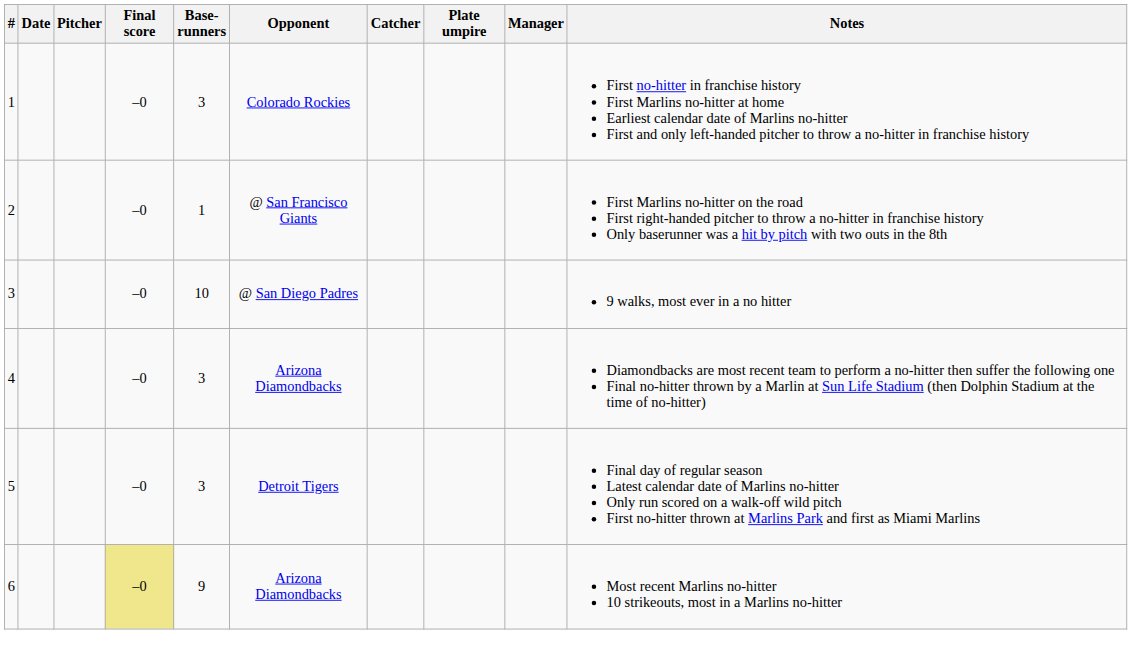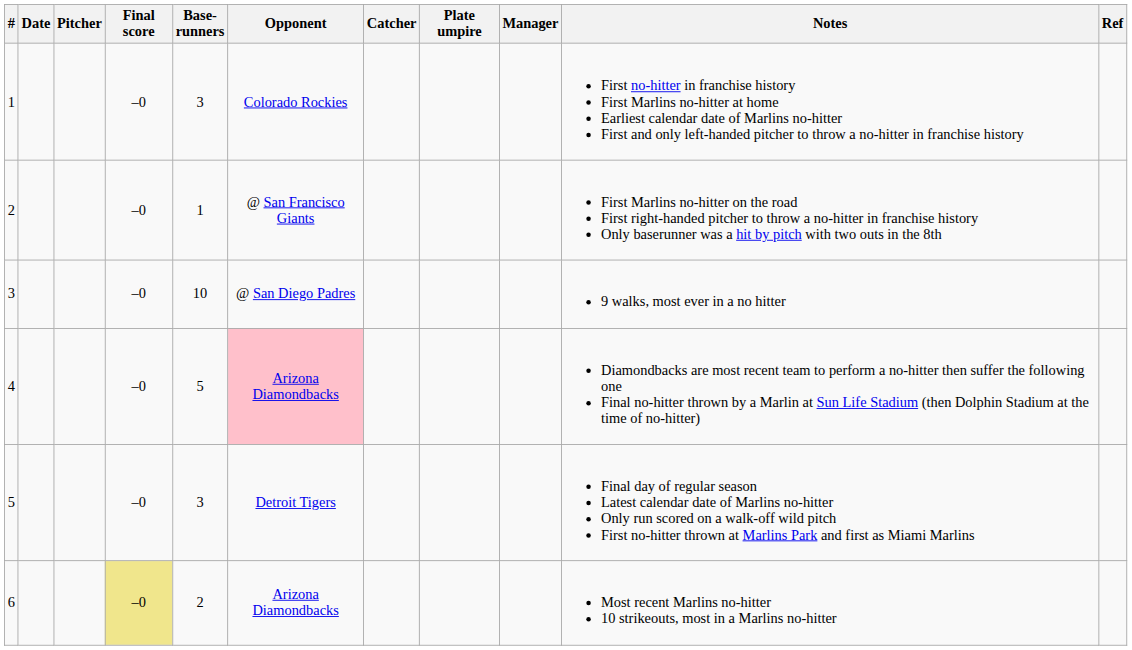 <table class="wikitable sortable" style="text-align:center" border="1">
 <tr>
 <th>#</th>
 <th>Date</th>
 <th>Pitcher</th>
 <th>Final score</th>
 <th>Base-<br>runners</th>
 <th>Opponent</th>
 <th>Catcher</th>
 <th>Plate umpire</th>
 <th>Manager</th>
 <th class="unsortable">Notes</th>
+<th class="unsortable">Ref</th>
 </tr>
 <tr>
 <td>1</td>
 <td></td>
 <td></td>
 <td>–0</td>
 <td>3</td>
 <td><a href='#'>Colorado Rockies</a></td>
 <td> </td>
 <td></td>
 <td></td>
 <td align="left"><br><ul><li>First <a href='#'>no-hitter</a> in franchise history</li><li>First Marlins no-hitter at home</li><li>Earliest calendar date of Marlins no-hitter</li><li>First and only left-handed pitcher to throw a no-hitter in franchise history</li></ul></td>
+<td></td>
 </tr>
 <tr>
 <td>2</td>
 <td></td>
 <td></td>
 <td>–0</td>
 <td>1</td>
 <td>@ <a href='#'>San Francisco Giants</a></td>
 <td> </td>
 <td></td>
 <td></td>
 <td align="left"><br><ul><li>First Marlins no-hitter on the road</li><li>First right-handed pitcher to throw a no-hitter in franchise history</li><li>Only baserunner was a <a href='#'>hit by pitch</a> with two outs in the 8th</li></ul></td>
+<td></td>
 </tr>
 <tr>
 <td>3</td>
 <td></td>
 <td></td>
 <td>–0</td>
 <td>10</td>
 <td>@ <a href='#'>San Diego Padres</a></td>
 <td> </td>
 <td></td>
 <td></td>
 <td align="left"><br><ul><li>9 walks, most ever in a no hitter</li></ul></td>
+<td></td>
 </tr>
 <tr>
 <td>4</td>
 <td></td>
 <td></td>
 <td>–0</td>
-<td>3</td>
-<td><a href='#'>Arizona Diamondbacks</a></td>
+<td>5</td>
+<td style="background: pink;"><a href='#'>Arizona Diamondbacks</a></td>
 <td></td>
 <td></td>
 <td></td>
 <td align="left"><br><ul><li>Diamondbacks are most recent team to perform a no-hitter then suffer the following one</li><li>Final no-hitter thrown by a Marlin at <a href='#'>Sun Life Stadium</a> (then Dolphin Stadium at the time of no-hitter)</li></ul></td>
+<td></td>
 </tr>
 <tr>
 <td>5</td>
 <td></td>
 <td></td>
 <td>–0</td>
 <td>3</td>
 <td><a href='#'>Detroit Tigers</a></td>
 <td></td>
 <td></td>
 <td></td>
 <td align="left"><br><ul><li>Final day of regular season</li><li>Latest calendar date of Marlins no-hitter</li><li>Only run scored on a walk-off wild pitch</li><li>First no-hitter thrown at <a href='#'>Marlins Park</a> and first as Miami Marlins</li></ul></td>
+<td></td>
 </tr>
 <tr>
 <td>6</td>
 <td></td>
 <td></td>
 <td style="background: khaki;">–0</td>
-<td>9</td>
+<td>2</td>
 <td><a href='#'>Arizona Diamondbacks</a></td>
 <td></td>
 <td></td>
 <td></td>
 <td align="left"><br><ul><li>Most recent Marlins no-hitter</li><li>10 strikeouts, most in a Marlins no-hitter</li></ul></td>
+<td></td>
 </tr>
 </table>
